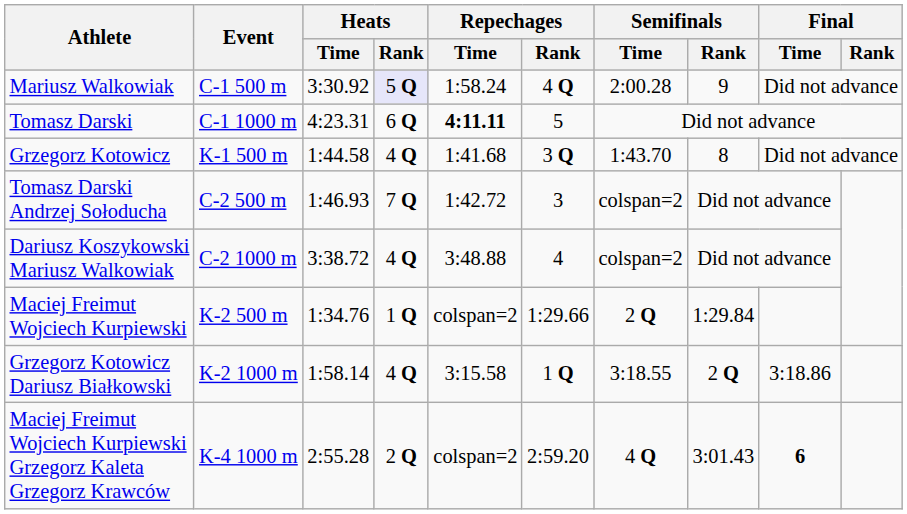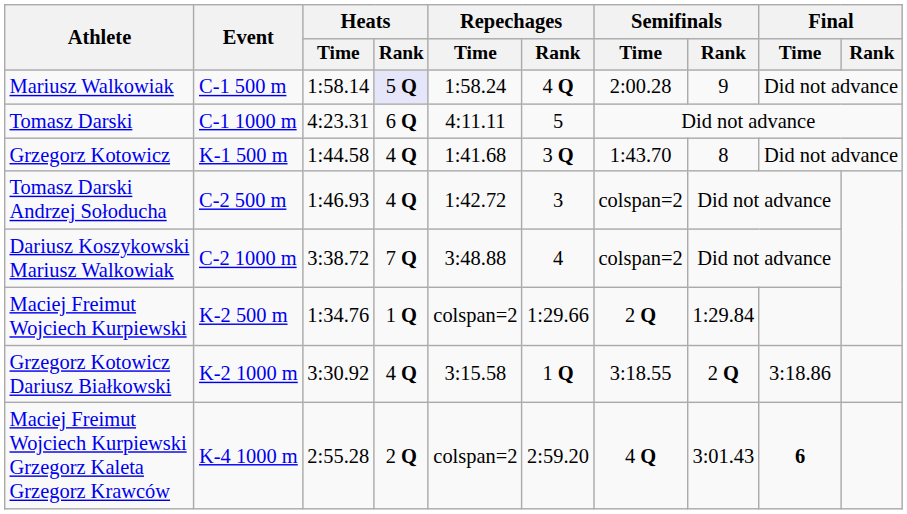 <table class="wikitable" style="font-size:90%">
 <tr>
 <th rowspan=2>Athlete</th>
 <th rowspan=2>Event</th>
 <th colspan=2>Heats</th>
 <th colspan=2>Repechages</th>
 <th colspan=2>Semifinals</th>
 <th colspan=2>Final</th>
 </tr>
 <tr style="font-size:95%">
 <th>Time</th>
 <th>Rank</th>
 <th>Time</th>
 <th>Rank</th>
 <th>Time</th>
 <th>Rank</th>
 <th>Time</th>
 <th>Rank</th>
 </tr>
 <tr align=center>
 <td align=left><a href='#'>Mariusz Walkowiak</a></td>
 <td align=left><a href='#'>C-1 500 m</a></td>
-<td>3:30.92</td>
+<td>1:58.14</td>
 <td style="background: lavender;">5 <strong>Q</strong></td>
 <td>1:58.24</td>
 <td>4 <strong>Q</strong></td>
 <td>2:00.28</td>
 <td>9</td>
 <td colspan=2>Did not advance</td>
 </tr>
 <tr align=center>
 <td align=left><a href='#'>Tomasz Darski</a></td>
 <td align=left><a href='#'>C-1 1000 m</a></td>
 <td>4:23.31</td>
 <td>6 <strong>Q</strong></td>
-<td><strong>4:11.11</strong></td>
+<td>4:11.11</td>
 <td>5</td>
 <td colspan=5>Did not advance</td>
 </tr>
 <tr align=center>
 <td align=left><a href='#'>Grzegorz Kotowicz</a></td>
 <td align=left><a href='#'>K-1 500 m</a></td>
 <td>1:44.58</td>
 <td>4 <strong>Q</strong></td>
 <td>1:41.68</td>
 <td>3 <strong>Q</strong></td>
 <td>1:43.70</td>
 <td>8</td>
 <td colspan=2>Did not advance</td>
 </tr>
 <tr align=center>
 <td align=left><a href='#'>Tomasz Darski</a><br> <a href='#'>Andrzej Sołoducha</a></td>
 <td align=left><a href='#'>C-2 500 m</a></td>
 <td>1:46.93</td>
-<td>7 <strong>Q</strong></td>
+<td>4 <strong>Q</strong></td>
 <td>1:42.72</td>
 <td>3</td>
 <td>colspan=2 </td>
 <td colspan=2>Did not advance</td>
 </tr>
 <tr align=center>
 <td align=left><a href='#'>Dariusz Koszykowski</a><br> <a href='#'>Mariusz Walkowiak</a></td>
 <td align=left><a href='#'>C-2 1000 m</a></td>
 <td>3:38.72</td>
-<td>4 <strong>Q</strong></td>
+<td>7 <strong>Q</strong></td>
 <td>3:48.88</td>
 <td>4</td>
 <td>colspan=2 </td>
 <td colspan=2>Did not advance</td>
 </tr>
 <tr align=center>
 <td align=left><a href='#'>Maciej Freimut</a><br><a href='#'>Wojciech Kurpiewski</a></td>
 <td align=left><a href='#'>K-2 500 m</a></td>
 <td>1:34.76</td>
 <td>1 <strong>Q</strong></td>
 <td>colspan=2 </td>
 <td>1:29.66</td>
 <td>2 <strong>Q</strong></td>
 <td>1:29.84</td>
 <td></td>
 </tr>
 <tr align=center>
 <td align=left><a href='#'>Grzegorz Kotowicz</a><br><a href='#'>Dariusz Białkowski</a></td>
 <td align=left><a href='#'>K-2 1000 m</a></td>
-<td>1:58.14</td>
+<td>3:30.92</td>
 <td>4 <strong>Q</strong></td>
 <td>3:15.58</td>
 <td>1 <strong>Q</strong></td>
 <td>3:18.55</td>
 <td>2 <strong>Q</strong></td>
 <td>3:18.86</td>
 <td></td>
 </tr>
 <tr align=center>
 <td align=left><a href='#'>Maciej Freimut</a><br> <a href='#'>Wojciech Kurpiewski</a><br><a href='#'>Grzegorz Kaleta</a><br><a href='#'>Grzegorz Krawców</a></td>
 <td align=left><a href='#'>K-4 1000 m</a></td>
 <td>2:55.28</td>
 <td>2 <strong>Q</strong></td>
 <td>colspan=2 </td>
 <td>2:59.20</td>
 <td>4 <strong>Q</strong></td>
 <td>3:01.43</td>
 <td><strong>6</strong></td>
 </tr>
 </table>
